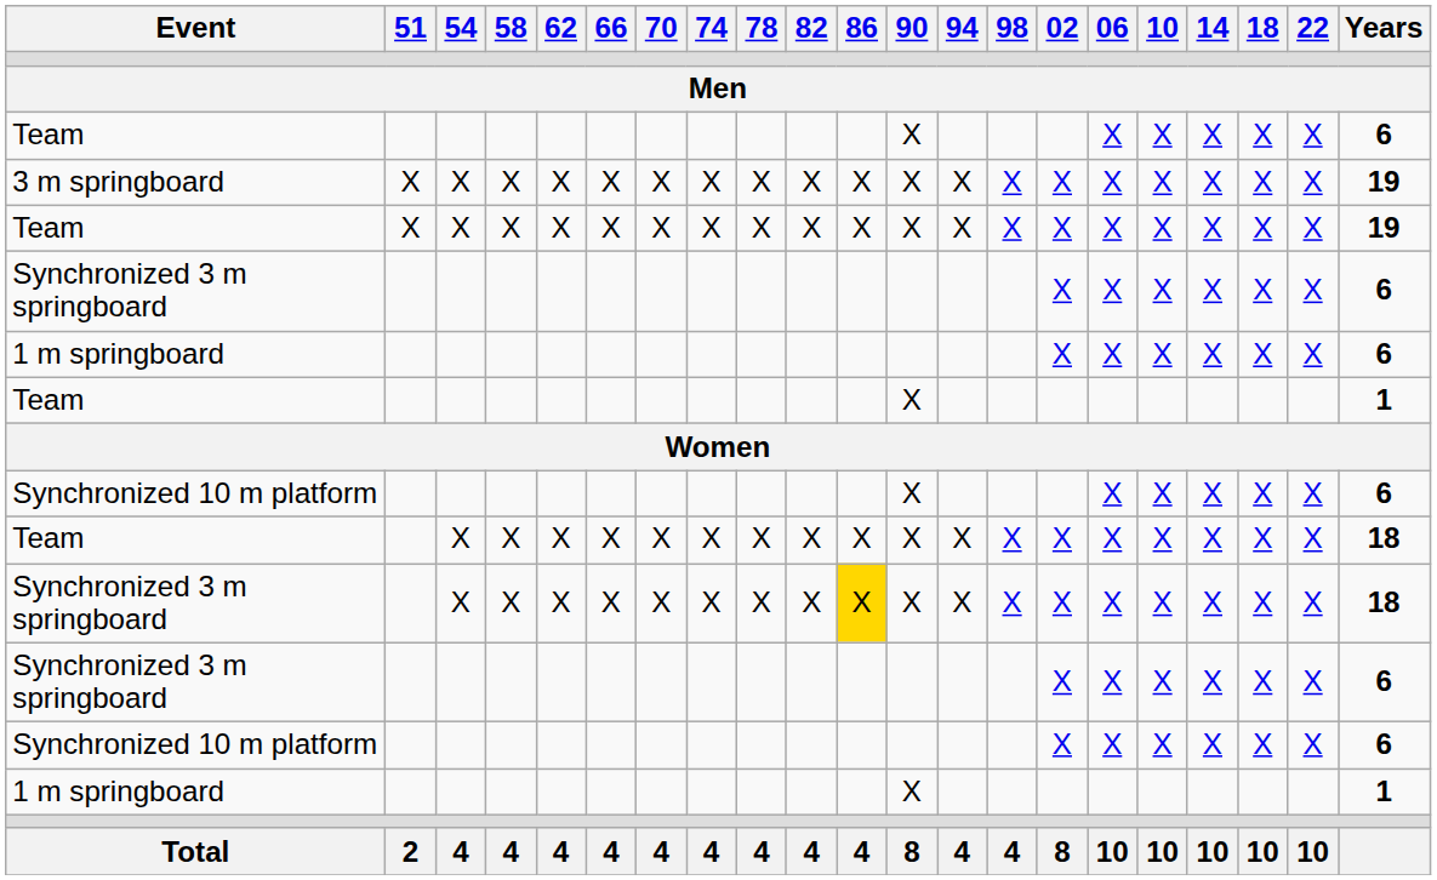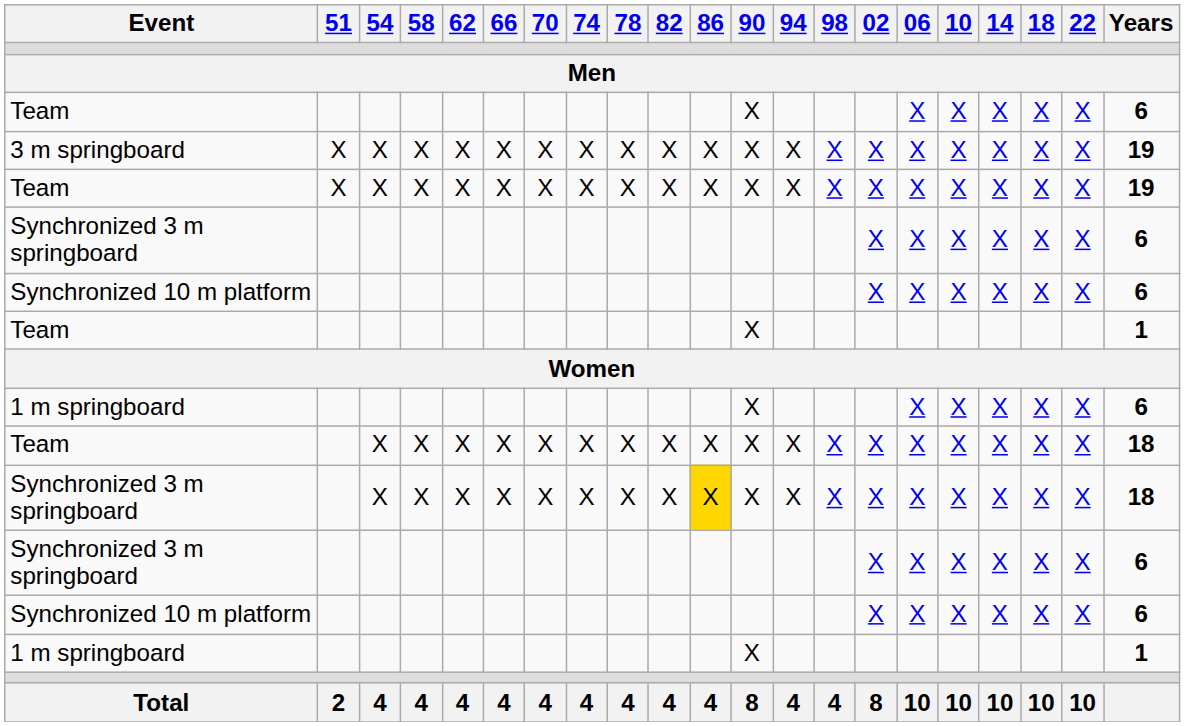 <table class="wikitable" style="text-align:center">
 <tr>
 <th width="200">Event</th>
 <th width=20><a href='#'>51</a></th>
 <th width=20><a href='#'>54</a></th>
 <th width=20><a href='#'>58</a></th>
 <th width=20><a href='#'>62</a></th>
 <th width=20><a href='#'>66</a></th>
 <th width=20><a href='#'>70</a></th>
 <th width=20><a href='#'>74</a></th>
 <th width=20><a href='#'>78</a></th>
 <th width=20><a href='#'>82</a></th>
 <th width=20><a href='#'>86</a></th>
 <th width=20><a href='#'>90</a></th>
 <th width=20><a href='#'>94</a></th>
 <th width=20><a href='#'>98</a></th>
 <th width=20><a href='#'>02</a></th>
 <th width=20><a href='#'>06</a></th>
 <th width=20><a href='#'>10</a></th>
 <th width=20><a href='#'>14</a></th>
 <th width=20><a href='#'>18</a></th>
 <th width=20><a href='#'>22</a></th>
 <th width=40>Years</th>
 </tr>
 <tr bgcolor=#DDDDDD>
 <td colspan=21></td>
 </tr>
 <tr>
 <th colspan=21>Men</th>
 </tr>
 <tr>
 <td align=left>Team</td>
 <td></td>
 <td></td>
 <td></td>
 <td></td>
 <td></td>
 <td></td>
 <td></td>
 <td></td>
 <td></td>
 <td></td>
 <td>X</td>
 <td></td>
 <td></td>
 <td></td>
 <td><a href='#'>X</a></td>
 <td><a href='#'>X</a></td>
 <td><a href='#'>X</a></td>
 <td><a href='#'>X</a></td>
 <td><a href='#'>X</a></td>
 <td><strong>6</strong></td>
 </tr>
 <tr>
 <td align=left>3 m springboard</td>
 <td>X</td>
 <td>X</td>
 <td>X</td>
 <td>X</td>
 <td>X</td>
 <td>X</td>
 <td>X</td>
 <td>X</td>
 <td>X</td>
 <td>X</td>
 <td>X</td>
 <td>X</td>
 <td><a href='#'>X</a></td>
 <td><a href='#'>X</a></td>
 <td><a href='#'>X</a></td>
 <td><a href='#'>X</a></td>
 <td><a href='#'>X</a></td>
 <td><a href='#'>X</a></td>
 <td><a href='#'>X</a></td>
 <td><strong>19</strong></td>
 </tr>
 <tr>
 <td align=left>Team</td>
 <td>X</td>
 <td>X</td>
 <td>X</td>
 <td>X</td>
 <td>X</td>
 <td>X</td>
 <td>X</td>
 <td>X</td>
 <td>X</td>
 <td>X</td>
 <td>X</td>
 <td>X</td>
 <td><a href='#'>X</a></td>
 <td><a href='#'>X</a></td>
 <td><a href='#'>X</a></td>
 <td><a href='#'>X</a></td>
 <td><a href='#'>X</a></td>
 <td><a href='#'>X</a></td>
 <td><a href='#'>X</a></td>
 <td><strong>19</strong></td>
 </tr>
 <tr>
 <td align=left>Synchronized 3 m springboard</td>
 <td></td>
 <td></td>
 <td></td>
 <td></td>
 <td></td>
 <td></td>
 <td></td>
 <td></td>
 <td></td>
 <td></td>
 <td></td>
 <td></td>
 <td></td>
 <td><a href='#'>X</a></td>
 <td><a href='#'>X</a></td>
 <td><a href='#'>X</a></td>
 <td><a href='#'>X</a></td>
 <td><a href='#'>X</a></td>
 <td><a href='#'>X</a></td>
 <td><strong>6</strong></td>
 </tr>
 <tr>
-<td align=left>1 m springboard</td>
+<td align=left>Synchronized 10 m platform</td>
 <td></td>
 <td></td>
 <td></td>
 <td></td>
 <td></td>
 <td></td>
 <td></td>
 <td></td>
 <td></td>
 <td></td>
 <td></td>
 <td></td>
 <td></td>
 <td><a href='#'>X</a></td>
 <td><a href='#'>X</a></td>
 <td><a href='#'>X</a></td>
 <td><a href='#'>X</a></td>
 <td><a href='#'>X</a></td>
 <td><a href='#'>X</a></td>
 <td><strong>6</strong></td>
 </tr>
 <tr>
 <td align=left>Team</td>
 <td></td>
 <td></td>
 <td></td>
 <td></td>
 <td></td>
 <td></td>
 <td></td>
 <td></td>
 <td></td>
 <td></td>
 <td>X</td>
 <td></td>
 <td></td>
 <td></td>
 <td></td>
 <td></td>
 <td></td>
 <td></td>
 <td></td>
 <td><strong>1</strong></td>
 </tr>
 <tr>
 <th colspan=21>Women</th>
 </tr>
 <tr>
-<td align=left>Synchronized 10 m platform</td>
+<td align=left>1 m springboard</td>
 <td></td>
 <td></td>
 <td></td>
 <td></td>
 <td></td>
 <td></td>
 <td></td>
 <td></td>
 <td></td>
 <td></td>
 <td>X</td>
 <td></td>
 <td></td>
 <td></td>
 <td><a href='#'>X</a></td>
 <td><a href='#'>X</a></td>
 <td><a href='#'>X</a></td>
 <td><a href='#'>X</a></td>
 <td><a href='#'>X</a></td>
 <td><strong>6</strong></td>
 </tr>
 <tr>
 <td align=left>Team</td>
 <td></td>
 <td>X</td>
 <td>X</td>
 <td>X</td>
 <td>X</td>
 <td>X</td>
 <td>X</td>
 <td>X</td>
 <td>X</td>
 <td>X</td>
 <td>X</td>
 <td>X</td>
 <td><a href='#'>X</a></td>
 <td><a href='#'>X</a></td>
 <td><a href='#'>X</a></td>
 <td><a href='#'>X</a></td>
 <td><a href='#'>X</a></td>
 <td><a href='#'>X</a></td>
 <td><a href='#'>X</a></td>
 <td><strong>18</strong></td>
 </tr>
 <tr>
 <td align=left>Synchronized 3 m springboard</td>
 <td></td>
 <td>X</td>
 <td>X</td>
 <td>X</td>
 <td>X</td>
 <td>X</td>
 <td>X</td>
 <td>X</td>
 <td>X</td>
 <td style="background: gold;">X</td>
 <td>X</td>
 <td>X</td>
 <td><a href='#'>X</a></td>
 <td><a href='#'>X</a></td>
 <td><a href='#'>X</a></td>
 <td><a href='#'>X</a></td>
 <td><a href='#'>X</a></td>
 <td><a href='#'>X</a></td>
 <td><a href='#'>X</a></td>
 <td><strong>18</strong></td>
 </tr>
 <tr>
 <td align=left>Synchronized 3 m springboard</td>
 <td></td>
 <td></td>
 <td></td>
 <td></td>
 <td></td>
 <td></td>
 <td></td>
 <td></td>
 <td></td>
 <td></td>
 <td></td>
 <td></td>
 <td></td>
 <td><a href='#'>X</a></td>
 <td><a href='#'>X</a></td>
 <td><a href='#'>X</a></td>
 <td><a href='#'>X</a></td>
 <td><a href='#'>X</a></td>
 <td><a href='#'>X</a></td>
 <td><strong>6</strong></td>
 </tr>
 <tr>
 <td align=left>Synchronized 10 m platform</td>
 <td></td>
 <td></td>
 <td></td>
 <td></td>
 <td></td>
 <td></td>
 <td></td>
 <td></td>
 <td></td>
 <td></td>
 <td></td>
 <td></td>
 <td></td>
 <td><a href='#'>X</a></td>
 <td><a href='#'>X</a></td>
 <td><a href='#'>X</a></td>
 <td><a href='#'>X</a></td>
 <td><a href='#'>X</a></td>
 <td><a href='#'>X</a></td>
 <td><strong>6</strong></td>
 </tr>
 <tr>
 <td align=left>1 m springboard</td>
 <td></td>
 <td></td>
 <td></td>
 <td></td>
 <td></td>
 <td></td>
 <td></td>
 <td></td>
 <td></td>
 <td></td>
 <td>X</td>
 <td></td>
 <td></td>
 <td></td>
 <td></td>
 <td></td>
 <td></td>
 <td></td>
 <td></td>
 <td><strong>1</strong></td>
 </tr>
 <tr bgcolor=#DDDDDD>
 <td colspan=21></td>
 </tr>
 <tr>
 <th>Total</th>
 <th>2</th>
 <th>4</th>
 <th>4</th>
 <th>4</th>
 <th>4</th>
 <th>4</th>
 <th>4</th>
 <th>4</th>
 <th>4</th>
 <th>4</th>
 <th>8</th>
 <th>4</th>
 <th>4</th>
 <th>8</th>
 <th>10</th>
 <th>10</th>
 <th>10</th>
 <th>10</th>
 <th>10</th>
 <th></th>
 </tr>
 </table>
